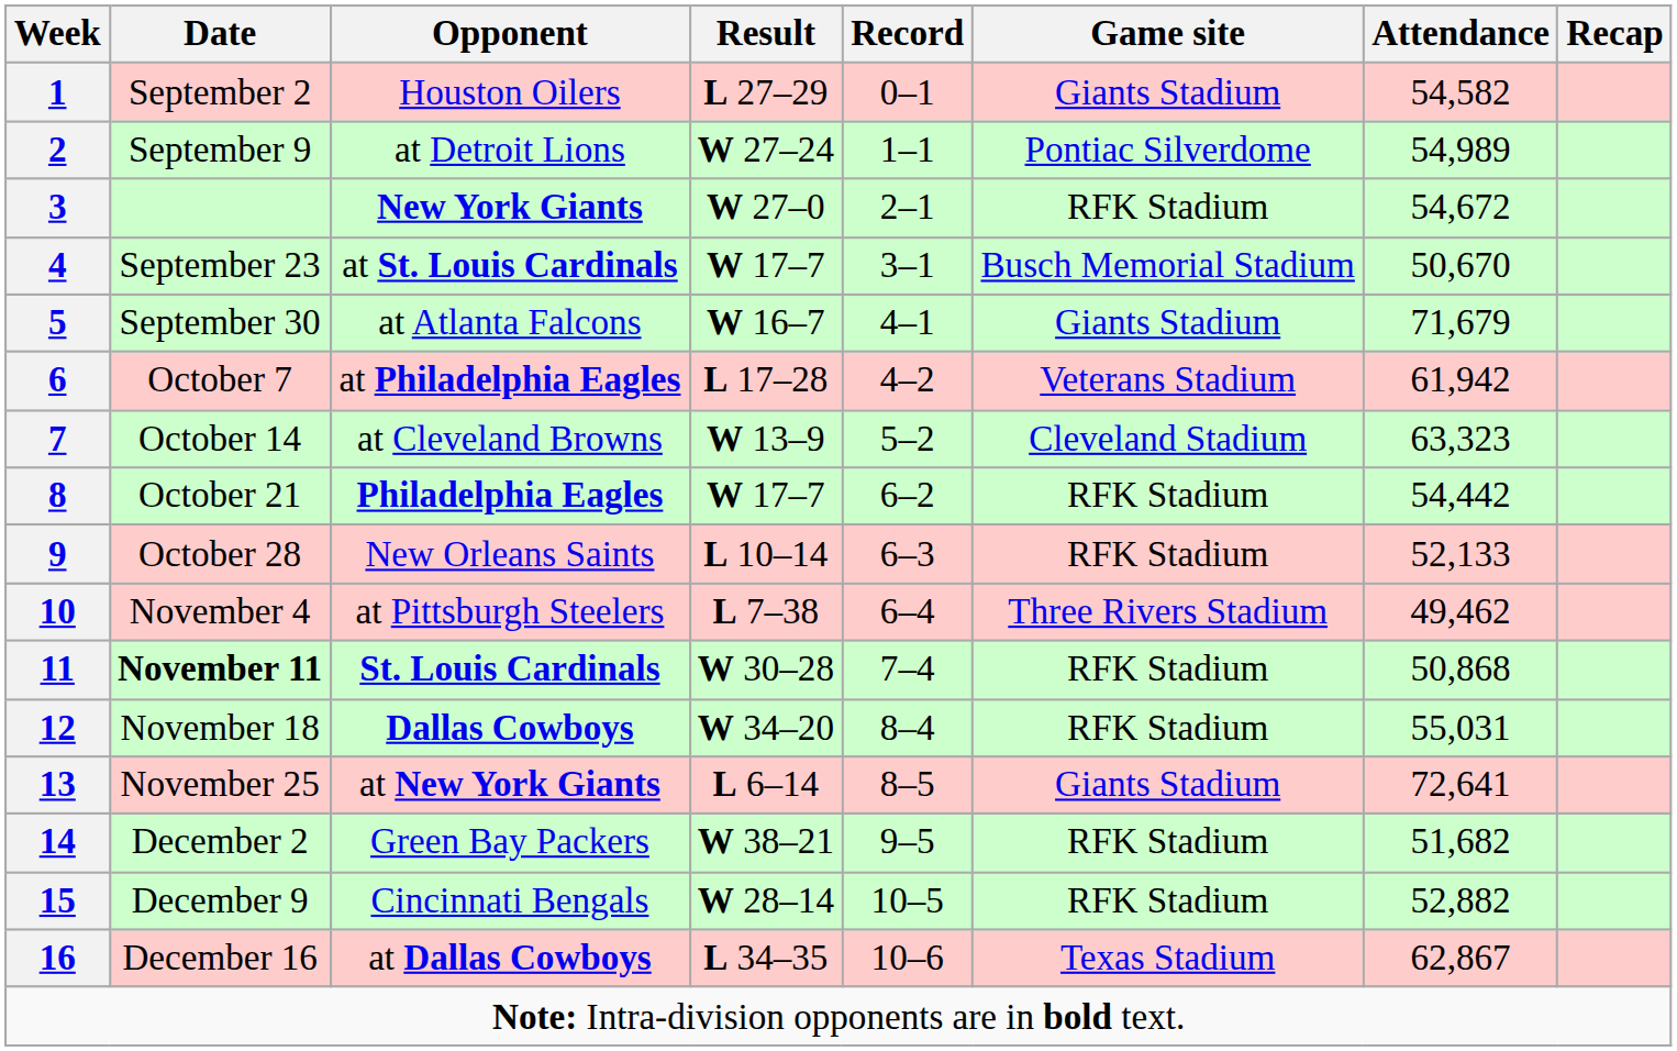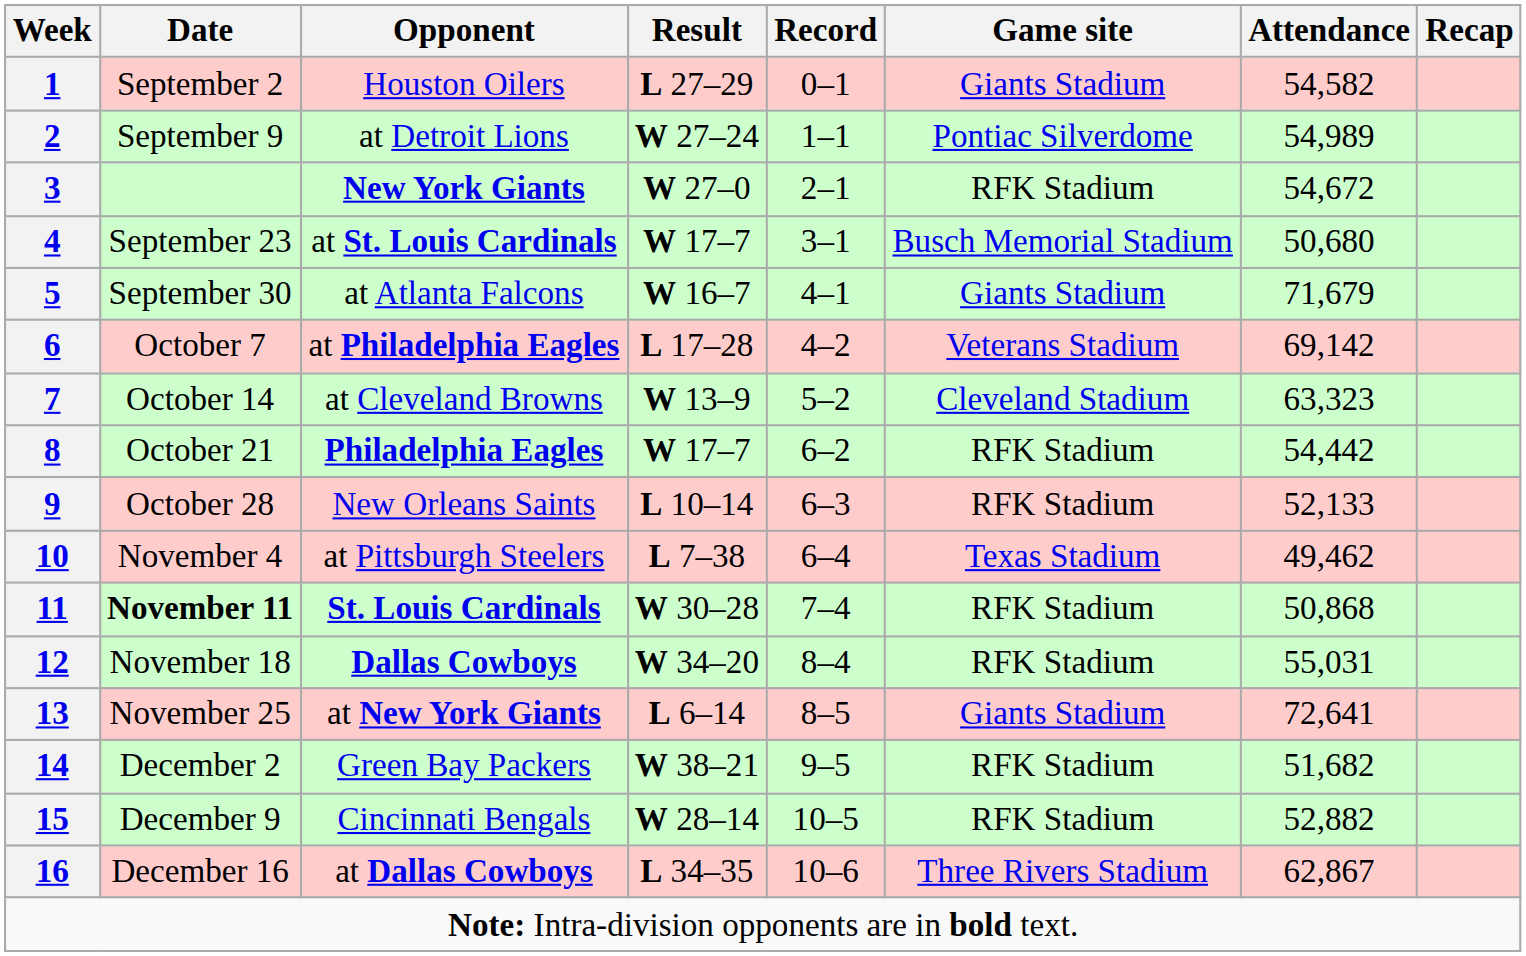 <table class="wikitable" style="text-align:center">
 <tr>
 <th>Week</th>
 <th>Date</th>
 <th>Opponent</th>
 <th>Result</th>
 <th>Record</th>
 <th>Game site</th>
 <th>Attendance</th>
 <th>Recap</th>
 </tr>
 <tr style="background:#fcc">
 <th><a href='#'>1</a></th>
 <td>September 2</td>
 <td><a href='#'>Houston Oilers</a></td>
 <td><strong>L</strong> 27–29</td>
 <td>0–1</td>
 <td><a href='#'>Giants Stadium</a></td>
 <td>54,582</td>
 <td></td>
 </tr>
 <tr style="background:#cfc">
 <th><a href='#'>2</a></th>
 <td>September 9</td>
 <td>at <a href='#'>Detroit Lions</a></td>
 <td><strong>W</strong> 27–24</td>
 <td>1–1</td>
 <td><a href='#'>Pontiac Silverdome</a></td>
 <td>54,989</td>
 <td></td>
 </tr>
 <tr style="background:#cfc">
 <th><a href='#'>3</a></th>
 <td></td>
 <td><strong><a href='#'>New York Giants</a></strong></td>
 <td><strong>W</strong> 27–0</td>
 <td>2–1</td>
 <td>RFK Stadium</td>
 <td>54,672</td>
 <td></td>
 </tr>
 <tr style="background:#cfc">
 <th><a href='#'>4</a></th>
 <td>September 23</td>
 <td>at <strong><a href='#'>St. Louis Cardinals</a></strong></td>
 <td><strong>W</strong> 17–7</td>
 <td>3–1</td>
 <td><a href='#'>Busch Memorial Stadium</a></td>
-<td>50,670</td>
+<td>50,680</td>
 <td></td>
 </tr>
 <tr style="background:#cfc">
 <th><a href='#'>5</a></th>
 <td>September 30</td>
 <td>at <a href='#'>Atlanta Falcons</a></td>
 <td><strong>W</strong> 16–7</td>
 <td>4–1</td>
 <td><a href='#'>Giants Stadium</a></td>
 <td>71,679</td>
 <td></td>
 </tr>
 <tr style="background:#fcc">
 <th><a href='#'>6</a></th>
 <td>October 7</td>
 <td>at <strong><a href='#'>Philadelphia Eagles</a></strong></td>
 <td><strong>L</strong> 17–28</td>
 <td>4–2</td>
 <td><a href='#'>Veterans Stadium</a></td>
-<td>61,942</td>
+<td>69,142</td>
 <td></td>
 </tr>
 <tr style="background:#cfc">
 <th><a href='#'>7</a></th>
 <td>October 14</td>
 <td>at <a href='#'>Cleveland Browns</a></td>
 <td><strong>W</strong> 13–9</td>
 <td>5–2</td>
 <td><a href='#'>Cleveland Stadium</a></td>
 <td>63,323</td>
 <td></td>
 </tr>
 <tr style="background:#cfc">
 <th><a href='#'>8</a></th>
 <td>October 21</td>
 <td><strong><a href='#'>Philadelphia Eagles</a></strong></td>
 <td><strong>W</strong> 17–7</td>
 <td>6–2</td>
 <td>RFK Stadium</td>
 <td>54,442</td>
 <td></td>
 </tr>
 <tr style="background:#fcc">
 <th><a href='#'>9</a></th>
 <td>October 28</td>
 <td><a href='#'>New Orleans Saints</a></td>
 <td><strong>L</strong> 10–14</td>
 <td>6–3</td>
 <td>RFK Stadium</td>
 <td>52,133</td>
 <td></td>
 </tr>
 <tr style="background:#fcc">
 <th><a href='#'>10</a></th>
 <td>November 4</td>
 <td>at <a href='#'>Pittsburgh Steelers</a></td>
 <td><strong>L</strong> 7–38</td>
 <td>6–4</td>
-<td><a href='#'>Three Rivers Stadium</a></td>
+<td><a href='#'>Texas Stadium</a></td>
 <td>49,462</td>
 <td></td>
 </tr>
 <tr style="background:#cfc">
 <th><a href='#'>11</a></th>
 <td><strong>November 11</strong></td>
 <td><strong><a href='#'>St. Louis Cardinals</a></strong></td>
 <td><strong>W</strong> 30–28</td>
 <td>7–4</td>
 <td>RFK Stadium</td>
 <td>50,868</td>
 <td></td>
 </tr>
 <tr style="background:#cfc">
 <th><a href='#'>12</a></th>
 <td>November 18</td>
 <td><strong><a href='#'>Dallas Cowboys</a></strong></td>
 <td><strong>W</strong> 34–20</td>
 <td>8–4</td>
 <td>RFK Stadium</td>
 <td>55,031</td>
 <td></td>
 </tr>
 <tr style="background:#fcc">
 <th><a href='#'>13</a></th>
 <td>November 25</td>
 <td>at <strong><a href='#'>New York Giants</a></strong></td>
 <td><strong>L</strong> 6–14</td>
 <td>8–5</td>
 <td><a href='#'>Giants Stadium</a></td>
 <td>72,641</td>
 <td></td>
 </tr>
 <tr style="background:#cfc">
 <th><a href='#'>14</a></th>
 <td>December 2</td>
 <td><a href='#'>Green Bay Packers</a></td>
 <td><strong>W</strong> 38–21</td>
 <td>9–5</td>
 <td>RFK Stadium</td>
 <td>51,682</td>
 <td></td>
 </tr>
 <tr style="background:#cfc">
 <th><a href='#'>15</a></th>
 <td>December 9</td>
 <td><a href='#'>Cincinnati Bengals</a></td>
 <td><strong>W</strong> 28–14</td>
 <td>10–5</td>
 <td>RFK Stadium</td>
 <td>52,882</td>
 <td></td>
 </tr>
 <tr style="background:#fcc">
 <th><a href='#'>16</a></th>
 <td>December 16</td>
 <td>at <strong><a href='#'>Dallas Cowboys</a></strong></td>
 <td><strong>L</strong> 34–35</td>
 <td>10–6</td>
-<td><a href='#'>Texas Stadium</a></td>
+<td><a href='#'>Three Rivers Stadium</a></td>
 <td>62,867</td>
 <td></td>
 </tr>
 <tr>
 <td colspan="8"><strong>Note:</strong> Intra-division opponents are in <strong>bold</strong> text.</td>
 </tr>
 </table>
